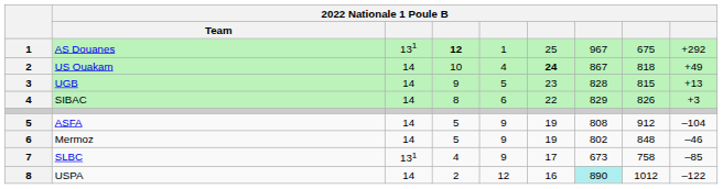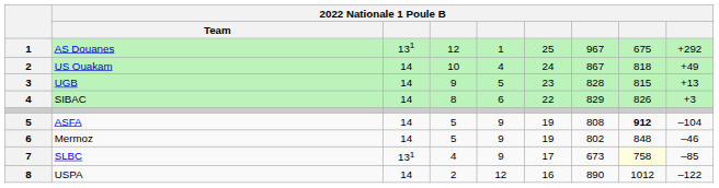 <table class="wikitable" width="80%" style="font-size:95%; text-align:center">
 <tr>
 <th rowspan="2" width="5%"></th>
 <th colspan="8" style="text-align:center"><strong>2022 Nationale 1 Poule B</strong></th>
 </tr>
 <tr>
 <th width="35%">Team</th>
 <th width="5%"></th>
 <th width="5%"></th>
 <th width="5%"></th>
 <th width="5%"></th>
 <th width="5%"></th>
 <th width="5%"></th>
 <th width="5%"></th>
 </tr>
 <tr style="background-color:#BBF3BB;">
 <th>1</th>
 <td style="text-align:left;"><a href='#'>AS Douanes</a></td>
 <td>13<sup>1</sup></td>
-<td><strong>12</strong></td>
+<td>12</td>
 <td>1</td>
 <td>25</td>
 <td>967</td>
 <td>675</td>
 <td>+292</td>
 </tr>
 <tr style="background-color:#BBF3BB;">
 <th>2</th>
 <td style="text-align:left;"><a href='#'>US Ouakam</a></td>
 <td>14</td>
 <td>10</td>
 <td>4</td>
-<td><strong>24</strong></td>
+<td>24</td>
 <td>867</td>
 <td>818</td>
 <td>+49</td>
 </tr>
 <tr style="background-color:#BBF3BB;">
 <th>3</th>
 <td style="text-align:left;"><a href='#'>UGB</a></td>
 <td>14</td>
 <td>9</td>
 <td>5</td>
 <td>23</td>
 <td>828</td>
 <td>815</td>
 <td>+13</td>
 </tr>
 <tr style="background-color:#BBF3BB;">
 <th>4</th>
 <td style="text-align:left;">SIBAC</td>
 <td>14</td>
 <td>8</td>
 <td>6</td>
 <td>22</td>
 <td>829</td>
 <td>826</td>
 <td>+3</td>
 </tr>
 <tr style="background-color:#CCCCCC">
 <td></td>
 <td></td>
 <td></td>
 <td></td>
 <td></td>
 <td></td>
 <td></td>
 <td></td>
 <td></td>
 </tr>
 <tr>
 <th>5</th>
 <td style="text-align:left;"><a href='#'>ASFA</a></td>
 <td>14</td>
 <td>5</td>
 <td>9</td>
 <td>19</td>
 <td>808</td>
-<td>912</td>
+<td><strong>912</strong></td>
 <td>–104</td>
 </tr>
 <tr>
 <th>6</th>
 <td style="text-align:left;">Mermoz</td>
 <td>14</td>
 <td>5</td>
 <td>9</td>
 <td>19</td>
 <td>802</td>
 <td>848</td>
 <td>–46</td>
 </tr>
 <tr>
 <th>7</th>
 <td style="text-align:left;"><a href='#'>SLBC</a></td>
 <td>13<sup>1</sup></td>
 <td>4</td>
 <td>9</td>
 <td>17</td>
 <td>673</td>
-<td>758</td>
+<td style="background: lightyellow;">758</td>
 <td>–85</td>
 </tr>
 <tr>
 <th>8</th>
 <td style="text-align:left;">USPA</td>
 <td>14</td>
 <td>2</td>
 <td>12</td>
 <td>16</td>
-<td style="background: paleturquoise;">890</td>
+<td>890</td>
 <td>1012</td>
 <td>–122</td>
 </tr>
 </table>
